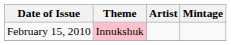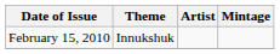 <table class="wikitable">
 <tr>
 <th>Date of Issue</th>
 <th>Theme</th>
 <th>Artist</th>
 <th>Mintage</th>
 </tr>
 <tr>
 <td>February 15, 2010</td>
-<td style="background: pink;">Innukshuk</td>
+<td>Innukshuk</td>
 <td></td>
 <td></td>
 </tr>
 <tr>
 </tr>
 </table>
